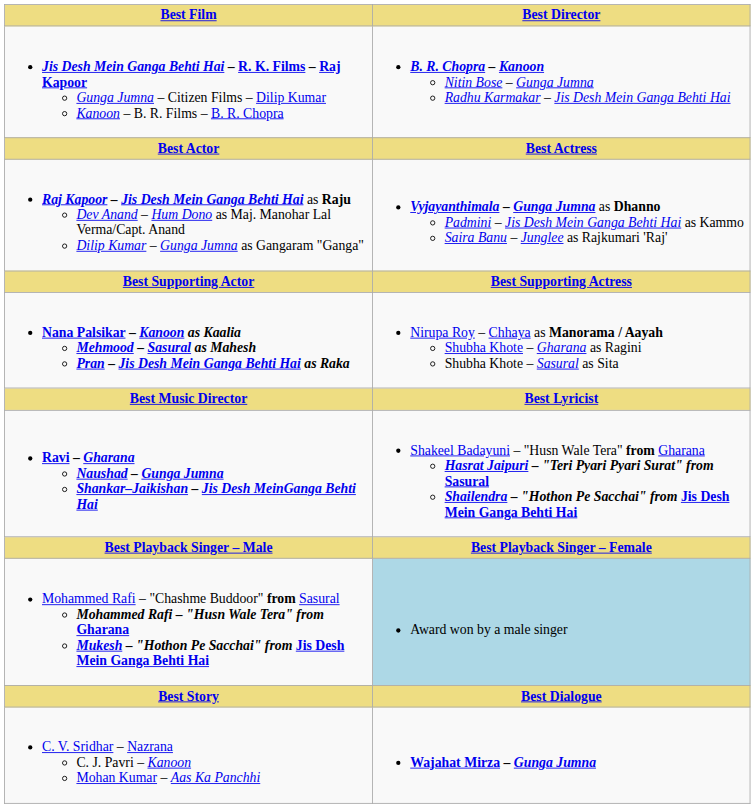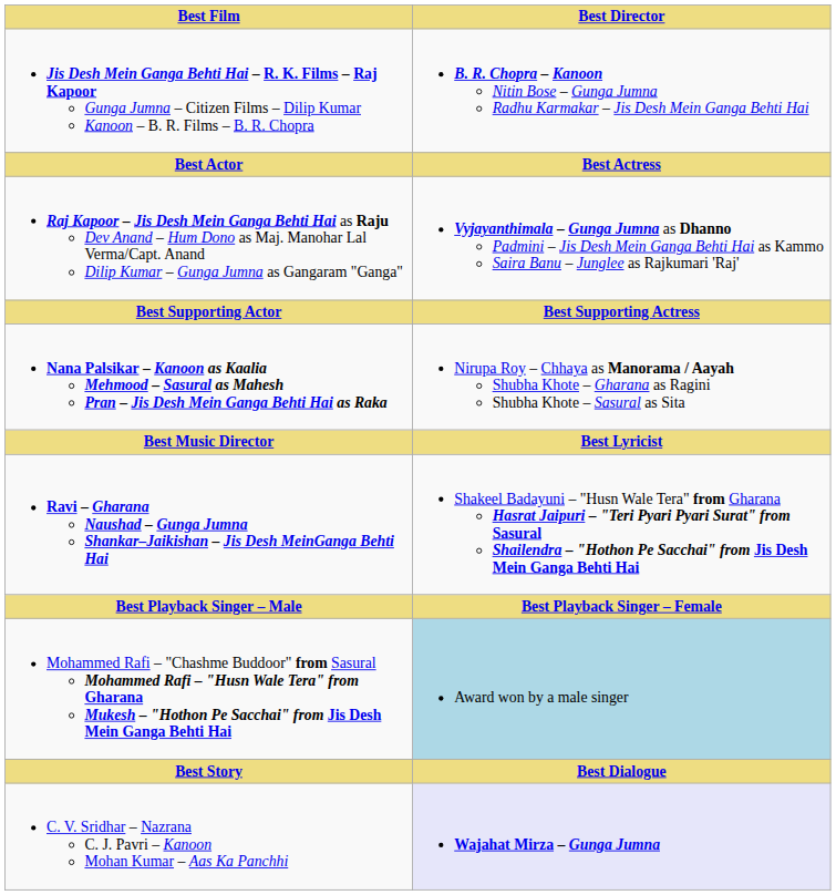 <table class="wikitable">
 <tr>
 <th style="background:#EEDD82;"><a href='#'>Best Film</a></th>
 <th style="background:#EEDD82;"><a href='#'>Best Director</a></th>
 </tr>
 <tr>
 <td valign="top"><br><ul><li><strong> <em><a href='#'>Jis Desh Mein Ganga Behti Hai</a></em> – <a href='#'>R. K. Films</a> – <a href='#'>Raj Kapoor</a> </strong><ul><li><em><a href='#'>Gunga Jumna</a></em> – Citizen Films – <a href='#'>Dilip Kumar</a></li><li><em><a href='#'>Kanoon</a></em> – B. R. Films – <a href='#'>B. R. Chopra</a></li></ul></li></ul></td>
 <td valign="top"><br><ul><li><strong> <em><a href='#'>B. R. Chopra</a> – <a href='#'>Kanoon</a></em> </strong><ul><li><em><a href='#'>Nitin Bose</a> – <a href='#'>Gunga Jumna</a></em></li><li><em><a href='#'>Radhu Karmakar</a> – <a href='#'>Jis Desh Mein Ganga Behti Hai</a></em></li></ul></li></ul></td>
 </tr>
 <tr>
 <th style="background:#EEDD82;"><a href='#'>Best Actor</a></th>
 <th style="background:#EEDD82;"><a href='#'>Best Actress</a></th>
 </tr>
 <tr>
 <td><br><ul><li><strong><em><a href='#'>Raj Kapoor</a> – <a href='#'>Jis Desh Mein Ganga Behti Hai</a></em></strong> as <strong>Raju</strong><ul><li><em><a href='#'>Dev Anand</a> – <a href='#'>Hum Dono</a></em> as Maj. Manohar Lal Verma/Capt. Anand</li><li><em><a href='#'>Dilip Kumar</a> – <a href='#'>Gunga Jumna</a></em> as Gangaram "Ganga"</li></ul></li></ul></td>
 <td><br><ul><li><strong><em><a href='#'>Vyjayanthimala</a> – <a href='#'>Gunga Jumna</a></em></strong> as <strong>Dhanno</strong><ul><li><em><a href='#'>Padmini</a> – <a href='#'>Jis Desh Mein Ganga Behti Hai</a></em> as Kammo</li><li><em><a href='#'>Saira Banu</a> – <a href='#'>Junglee</a></em> as Rajkumari 'Raj'</li></ul></li></ul></td>
 </tr>
 <tr>
 <th style="background:#EEDD82;"><a href='#'>Best Supporting Actor</a></th>
 <th style="background:#EEDD82;"><a href='#'>Best Supporting Actress</a></th>
 </tr>
 <tr>
 <td><br><ul><li><strong><a href='#'>Nana Palsikar</a> – <em><a href='#'>Kanoon</a><strong><em> as </strong>Kaalia<strong><ul><li><a href='#'>Mehmood</a> – </em><a href='#'>Sasural</a><em> as Mahesh</li><li><a href='#'>Pran</a> – </em><a href='#'>Jis Desh Mein Ganga Behti Hai</a><em> as Raka</li></ul></li></ul></td>
 <td><br><ul><li></strong><a href='#'>Nirupa Roy</a> – </em><a href='#'>Chhaya</a></em></strong> as <strong>Manorama / Aayah</strong><ul><li><a href='#'>Shubha Khote</a> – <em><a href='#'>Gharana</a></em> as Ragini</li><li>Shubha Khote – <em><a href='#'>Sasural</a></em> as Sita</li></ul></li></ul></td>
 </tr>
 <tr>
 <th style="background:#EEDD82;"><a href='#'>Best Music Director</a></th>
 <th style="background:#EEDD82;"><a href='#'>Best Lyricist</a></th>
 </tr>
 <tr>
 <td><br><ul><li><strong><a href='#'>Ravi</a> – <em><a href='#'>Gharana</a><strong><em><ul><li><a href='#'>Naushad</a> – </em><a href='#'>Gunga Jumna</a><em></li><li><a href='#'>Shankar–Jaikishan</a> – </em><a href='#'>Jis Desh MeinGanga Behti Hai</a><em></li></ul></li></ul></td>
 <td><br><ul><li></strong><a href='#'>Shakeel Badayuni</a> – "Husn Wale Tera"<strong> from </em></strong><a href='#'>Gharana</a><strong><em><ul><li><a href='#'>Hasrat Jaipuri</a> – "Teri Pyari Pyari Surat" from </em><a href='#'>Sasural</a><em></li><li><a href='#'>Shailendra</a> – "Hothon Pe Sacchai" from </em><a href='#'>Jis Desh Mein Ganga Behti Hai</a><em></li></ul></li></ul></td>
 </tr>
 <tr>
 <th style="background:#EEDD82;"><a href='#'>Best Playback Singer – Male</a></th>
 <th style="background:#EEDD82;"><a href='#'>Best Playback Singer – Female</a></th>
 </tr>
 <tr>
 <td><br><ul><li></strong><a href='#'>Mohammed Rafi</a> – "Chashme Buddoor"<strong> from </em></strong><a href='#'>Sasural</a><strong><em><ul><li>Mohammed Rafi – "Husn Wale Tera" from </em><a href='#'>Gharana</a><em></li><li><a href='#'>Mukesh</a> – "Hothon Pe Sacchai" from </em><a href='#'>Jis Desh Mein Ganga Behti Hai</a><em></li></ul></li></ul></td>
 <td style="background: lightblue;"><br><ul><li></strong>Award won by a male singer<strong></li></ul></td>
 </tr>
 <tr>
 <th style="background:#EEDD82;"><a href='#'>Best Story</a></th>
 <th style="background:#EEDD82;"><a href='#'>Best Dialogue</a></th>
 </tr>
 <tr>
 <td><br><ul><li></strong><a href='#'>C. V. Sridhar</a> – </em><a href='#'>Nazrana</a></em></strong><ul><li>C. J. Pavri – <em><a href='#'>Kanoon</a></em></li><li><a href='#'>Mohan Kumar</a> – <em><a href='#'>Aas Ka Panchhi</a></em></li></ul></li></ul></td>
-<td><br><ul><li><strong><a href='#'>Wajahat Mirza</a> – <em><a href='#'>Gunga Jumna</a><strong><em></li></ul></td>
+<td style="background: lavender;"><br><ul><li><strong><a href='#'>Wajahat Mirza</a> – <em><a href='#'>Gunga Jumna</a><strong><em></li></ul></td>
 </tr>
 </table>
